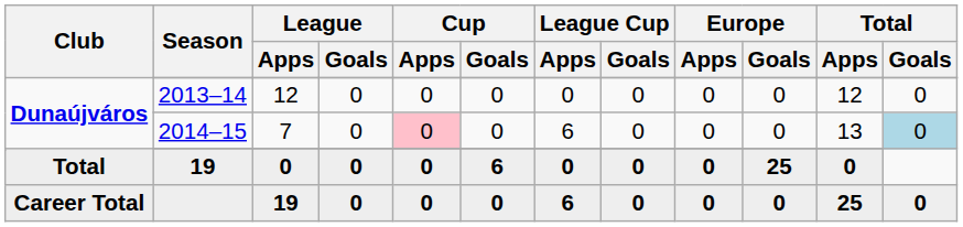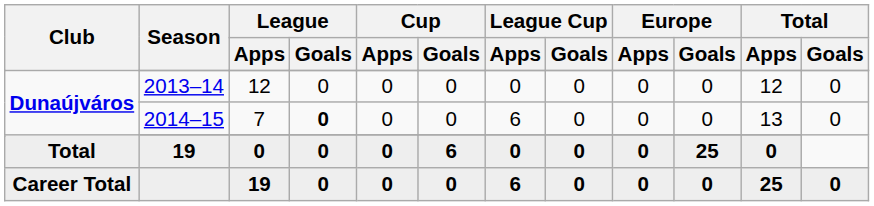 <table class="wikitable" style="font-size:90%; text-align: center;">
 <tr>
 <th rowspan="2">Club</th>
 <th rowspan="2">Season</th>
 <th colspan="2">League</th>
 <th colspan="2">Cup</th>
 <th colspan="2">League Cup</th>
 <th colspan="2">Europe</th>
 <th colspan="2">Total</th>
 </tr>
 <tr>
 <th>Apps</th>
 <th>Goals</th>
 <th>Apps</th>
 <th>Goals</th>
 <th>Apps</th>
 <th>Goals</th>
 <th>Apps</th>
 <th>Goals</th>
 <th>Apps</th>
 <th>Goals</th>
 </tr>
 <tr ||-||-||-|->
 <td rowspan="4" valign="center"><strong><a href='#'>Dunaújváros</a></strong></td>
 </tr>
 <tr>
 <td><a href='#'>2013–14</a></td>
 <td>12</td>
 <td>0</td>
 <td>0</td>
 <td>0</td>
 <td>0</td>
 <td>0</td>
 <td>0</td>
 <td>0</td>
 <td>12</td>
 <td>0</td>
 </tr>
 <tr>
 <td><a href='#'>2014–15</a></td>
 <td>7</td>
+<td><strong>0</strong></td>
 <td>0</td>
-<td style="background: pink;">0</td>
 <td>0</td>
 <td>6</td>
 <td>0</td>
 <td>0</td>
 <td>0</td>
 <td>13</td>
-<td style="background: lightblue;">0</td>
+<td>0</td>
 </tr>
 <tr>
 </tr>
 <tr style="font-weight:bold; background-color:#eeeeee;">
 <td>Total</td>
 <td>19</td>
 <td>0</td>
 <td>0</td>
 <td>0</td>
 <td>6</td>
 <td>0</td>
 <td>0</td>
 <td>0</td>
 <td>25</td>
 <td>0</td>
 </tr>
 <tr style="font-weight:bold; background-color:#eeeeee;">
 <td rowspan="1" valign="top"><strong>Career Total</strong></td>
 <td></td>
 <td><strong>19</strong></td>
 <td><strong>0</strong></td>
 <td><strong>0</strong></td>
 <td><strong>0</strong></td>
 <td><strong>6</strong></td>
 <td><strong>0</strong></td>
 <td><strong>0</strong></td>
 <td><strong>0</strong></td>
 <td><strong>25</strong></td>
 <td><strong>0</strong></td>
 </tr>
 </table>
